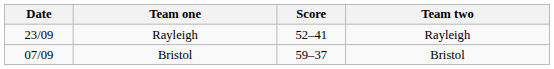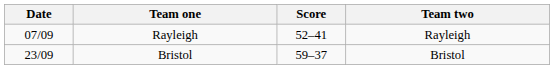 <table class="wikitable" style="text-align: center">
 <tr>
 <th width=80>Date</th>
 <th width=250>Team one</th>
 <th width=80>Score</th>
 <th width=250>Team two</th>
 </tr>
 <tr>
-<td>23/09</td>
+<td>07/09</td>
 <td>Rayleigh</td>
 <td>52–41</td>
 <td>Rayleigh</td>
 </tr>
 <tr>
-<td>07/09</td>
+<td>23/09</td>
 <td>Bristol</td>
 <td>59–37</td>
 <td>Bristol</td>
 </tr>
 </table>
